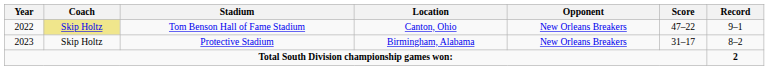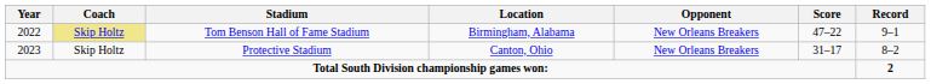 <table class="wikitable" style="width:80%;text-align:center">
 <tr>
 <th>Year</th>
 <th>Coach</th>
 <th>Stadium</th>
 <th>Location</th>
 <th>Opponent</th>
 <th>Score</th>
 <th>Record</th>
 </tr>
 <tr>
 <td>2022</td>
 <td style="background: khaki;"><a href='#'>Skip Holtz</a></td>
 <td><a href='#'>Tom Benson Hall of Fame Stadium</a></td>
-<td><a href='#'>Canton, Ohio</a></td>
+<td><a href='#'>Birmingham, Alabama</a></td>
 <td><a href='#'>New Orleans Breakers</a></td>
 <td>47–22</td>
 <td>9–1</td>
 </tr>
 <tr>
 <td>2023</td>
 <td>Skip Holtz</td>
 <td><a href='#'>Protective Stadium</a></td>
-<td><a href='#'>Birmingham, Alabama</a></td>
+<td><a href='#'>Canton, Ohio</a></td>
 <td><a href='#'>New Orleans Breakers</a></td>
 <td>31–17</td>
 <td>8–2</td>
 </tr>
 <tr>
 <td colspan="6"><strong>Total South Division championship games won:</strong></td>
 <td><strong>2</strong></td>
 </tr>
 </table>
